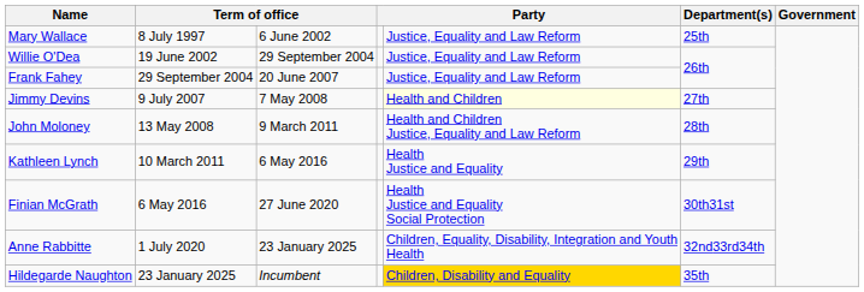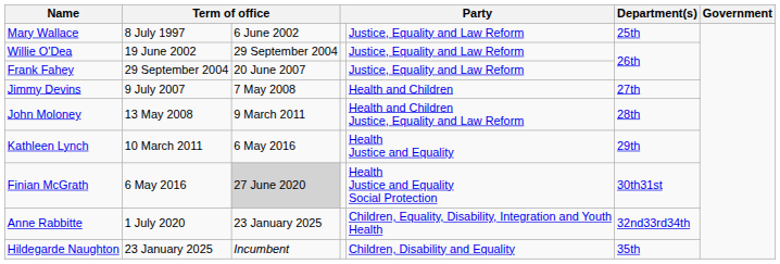 <table class="wikitable">
 <tr>
 <th>Name</th>
 <th colspan=2>Term of office</th>
 <th colspan=2>Party</th>
 <th>Department(s)</th>
 <th>Government</th>
 </tr>
 <tr>
 <td><a href='#'>Mary Wallace</a></td>
 <td>8 July 1997</td>
 <td>6 June 2002</td>
 <td></td>
 <td><a href='#'>Justice, Equality and Law Reform</a></td>
 <td><a href='#'>25th</a></td>
 </tr>
 <tr>
 <td><a href='#'>Willie O'Dea</a></td>
 <td>19 June 2002</td>
 <td>29 September 2004</td>
 <td></td>
 <td><a href='#'>Justice, Equality and Law Reform</a></td>
 <td rowspan=2><a href='#'>26th</a></td>
 </tr>
 <tr>
 <td><a href='#'>Frank Fahey</a></td>
 <td>29 September 2004</td>
 <td>20 June 2007</td>
 <td></td>
 <td><a href='#'>Justice, Equality and Law Reform</a></td>
 </tr>
 <tr>
 <td><a href='#'>Jimmy Devins</a></td>
 <td>9 July 2007</td>
 <td>7 May 2008</td>
 <td></td>
-<td style="background: lightyellow;"><a href='#'>Health and Children</a></td>
+<td><a href='#'>Health and Children</a></td>
 <td><a href='#'>27th</a></td>
 </tr>
 <tr>
 <td><a href='#'>John Moloney</a></td>
 <td>13 May 2008</td>
 <td>9 March 2011</td>
 <td></td>
 <td><a href='#'>Health and Children</a><br><a href='#'>Justice, Equality and Law Reform</a></td>
 <td><a href='#'>28th</a></td>
 </tr>
 <tr>
 <td><a href='#'>Kathleen Lynch</a></td>
 <td>10 March 2011</td>
 <td>6 May 2016</td>
 <td></td>
 <td><a href='#'>Health</a><br><a href='#'>Justice and Equality</a></td>
 <td><a href='#'>29th</a></td>
 </tr>
 <tr>
 <td><a href='#'>Finian McGrath</a></td>
 <td>6 May 2016</td>
-<td>27 June 2020</td>
+<td style="background: lightgrey;">27 June 2020</td>
 <td></td>
 <td><a href='#'>Health</a><br><a href='#'>Justice and Equality</a><br><a href='#'>Social Protection</a></td>
 <td><a href='#'>30th</a><a href='#'>31st</a></td>
 </tr>
 <tr>
 <td><a href='#'>Anne Rabbitte</a></td>
 <td>1 July 2020</td>
 <td>23 January 2025</td>
 <td></td>
 <td><a href='#'>Children, Equality, Disability, Integration and Youth</a><br><a href='#'>Health</a></td>
 <td><a href='#'>32nd</a><a href='#'>33rd</a><a href='#'>34th</a></td>
 </tr>
 <tr>
 <td><a href='#'>Hildegarde Naughton</a></td>
 <td>23 January 2025</td>
 <td><em>Incumbent</em></td>
 <td></td>
-<td style="background: gold;"><a href='#'>Children, Disability and Equality</a></td>
+<td><a href='#'>Children, Disability and Equality</a></td>
 <td><a href='#'>35th</a></td>
 </tr>
 </table>
